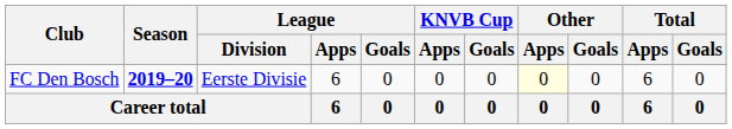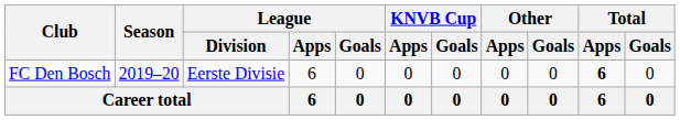 <table class="wikitable" style="text-align: center">
 <tr>
 <th rowspan="2">Club</th>
 <th rowspan="2">Season</th>
 <th colspan="3">League</th>
 <th colspan="2"><a href='#'>KNVB Cup</a></th>
 <th colspan="2">Other</th>
 <th colspan="2">Total</th>
 </tr>
 <tr>
 <th>Division</th>
 <th>Apps</th>
 <th>Goals</th>
 <th>Apps</th>
 <th>Goals</th>
 <th>Apps</th>
 <th>Goals</th>
 <th>Apps</th>
 <th>Goals</th>
 </tr>
 <tr>
 <td><a href='#'>FC Den Bosch</a></td>
-<td><strong><a href='#'>2019–20</a></strong></td>
+<td><a href='#'>2019–20</a></td>
 <td><a href='#'>Eerste Divisie</a></td>
 <td>6</td>
 <td>0</td>
 <td>0</td>
 <td>0</td>
-<td style="background: lightyellow;">0</td>
 <td>0</td>
-<td>6</td>
+<td>0</td>
+<td><strong>6</strong></td>
 <td>0</td>
 </tr>
 <tr>
 <th colspan="3">Career total</th>
 <th>6</th>
 <th>0</th>
 <th>0</th>
 <th>0</th>
 <th>0</th>
 <th>0</th>
 <th>6</th>
 <th>0</th>
 </tr>
 </table>
